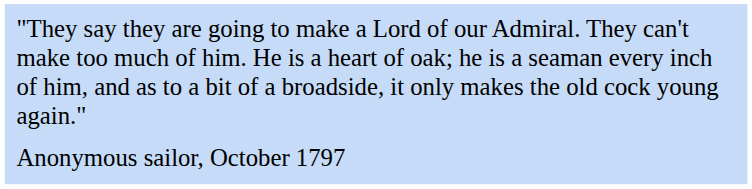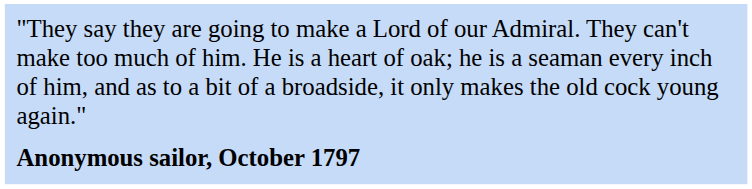 <table class="toccolours" style="float: right; margin-left: 2em; margin-right: 1em; font-size: 85%; background:#c6dbf7; color:black; width:30em; max-width: 40%;" cellspacing="5">
 <tr>
 <td style="text-align: left;">"They say they are going to make a Lord of our Admiral. They can't make too much of him. He is a heart of oak; he is a seaman every inch of him, and as to a bit of a broadside, it only makes the old cock young again."</td>
 </tr>
 <tr>
-<td style="text-align: left;">Anonymous sailor, October 1797</td>
+<td style="text-align: left;"><strong>Anonymous sailor, October 1797</strong></td>
 </tr>
 </table>
